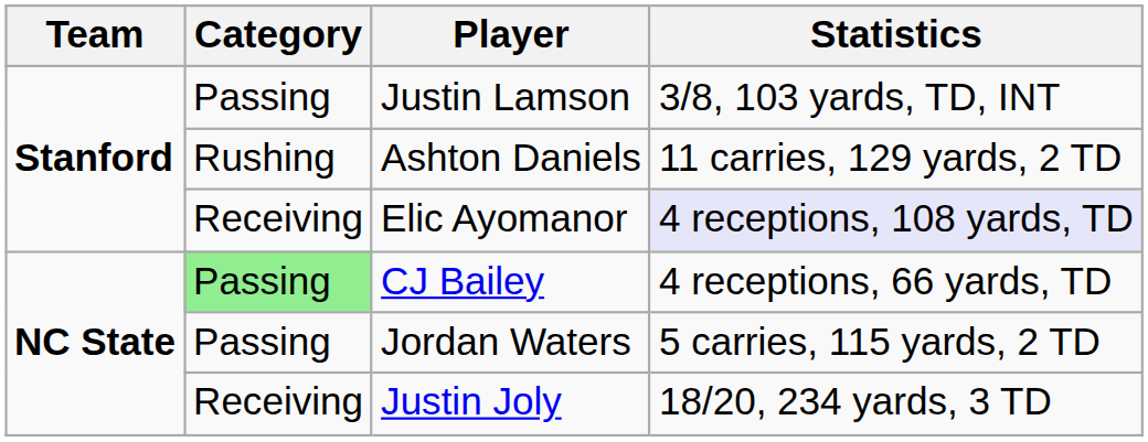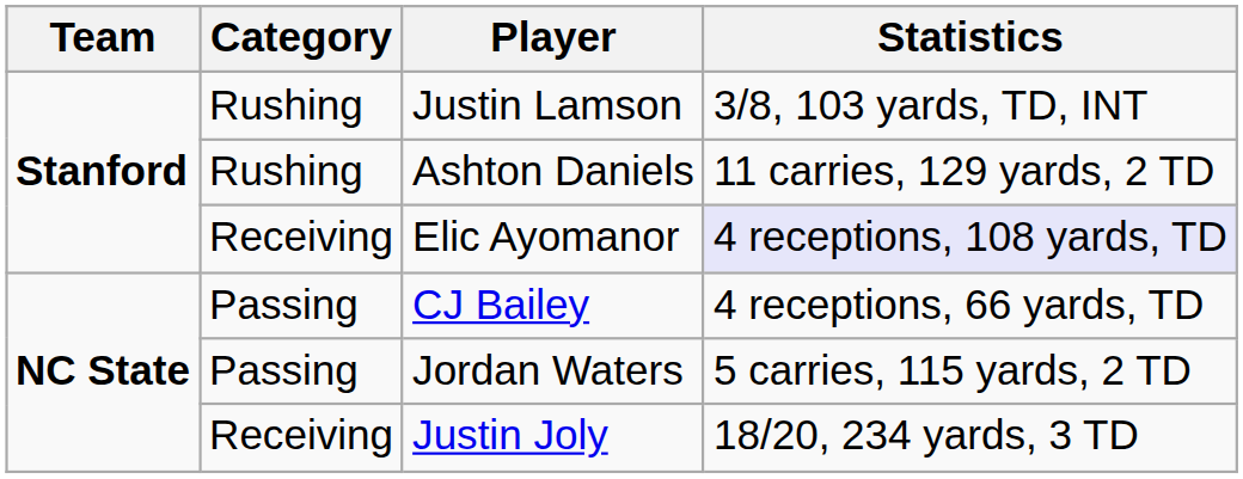 <table class="wikitable" style="float: right;">
 <tr>
 <th>Team</th>
 <th>Category</th>
 <th>Player</th>
 <th>Statistics</th>
 </tr>
 <tr>
 <td rowspan=3><strong>Stanford</strong></td>
-<td>Passing</td>
+<td>Rushing</td>
 <td>Justin Lamson</td>
 <td>3/8, 103 yards, TD, INT</td>
 </tr>
 <tr>
 <td>Rushing</td>
 <td>Ashton Daniels</td>
 <td>11 carries, 129 yards, 2 TD</td>
 </tr>
 <tr>
 <td>Receiving</td>
 <td>Elic Ayomanor</td>
 <td style="background: lavender;">4 receptions, 108 yards, TD</td>
 </tr>
 <tr>
 <td rowspan=3><strong>NC State</strong></td>
-<td style="background: lightgreen;">Passing</td>
+<td>Passing</td>
 <td><a href='#'>CJ Bailey</a></td>
 <td>4 receptions, 66 yards, TD</td>
 </tr>
 <tr>
 <td>Passing</td>
 <td>Jordan Waters</td>
 <td>5 carries, 115 yards, 2 TD</td>
 </tr>
 <tr>
 <td>Receiving</td>
 <td><a href='#'>Justin Joly</a></td>
 <td>18/20, 234 yards, 3 TD</td>
 </tr>
 </table>
